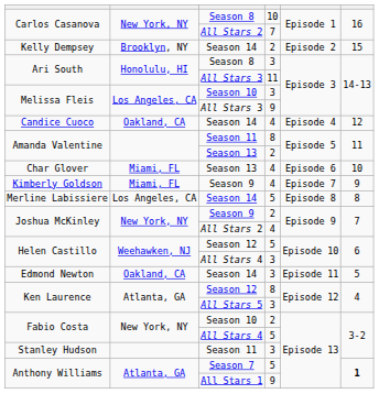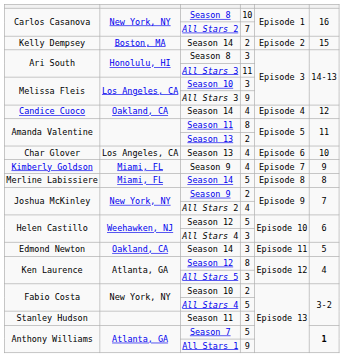 <table class="wikitable sortable" style="text-align:center;">
 <tr>
 <th></th>
 <th></th>
 <th></th>
 <th></th>
 <th></th>
 <th></th>
 </tr>
 <tr>
 <td rowspan="2">Carlos Casanova</td>
 <td rowspan="2"><a href='#'>New York, NY</a></td>
 <td><a href='#'>Season 8</a></td>
 <td>10</td>
 <td rowspan="2">Episode 1</td>
 <td rowspan="2">16</td>
 </tr>
 <tr>
 <td><a href='#'><em>All Stars</em> 2</a></td>
 <td>7</td>
 </tr>
 <tr>
 <td>Kelly Dempsey</td>
-<td><a href='#'>Brooklyn</a>, NY</td>
+<td><a href='#'>Boston, MA</a></td>
 <td>Season 14</td>
 <td>2</td>
 <td>Episode 2</td>
 <td>15</td>
 </tr>
 <tr>
 <td rowspan="2">Ari South</td>
 <td rowspan="2"><a href='#'>Honolulu, HI</a></td>
 <td>Season 8</td>
 <td>3</td>
 <td rowspan="4">Episode 3</td>
 <td rowspan="4">14-13</td>
 </tr>
 <tr>
 <td><a href='#'><em>All Stars</em> 3</a></td>
 <td>11</td>
 </tr>
 <tr>
 <td rowspan="2">Melissa Fleis</td>
 <td rowspan="2"><a href='#'>Los Angeles, CA</a></td>
 <td><a href='#'>Season 10</a></td>
 <td>3</td>
 </tr>
 <tr>
 <td><em>All Stars</em> 3</td>
 <td>9</td>
 </tr>
 <tr>
 <td><a href='#'>Candice Cuoco</a></td>
 <td><a href='#'>Oakland, CA</a></td>
 <td>Season 14</td>
 <td>4</td>
 <td>Episode 4</td>
 <td>12</td>
 </tr>
 <tr>
 <td rowspan="2">Amanda Valentine</td>
 <td rowspan="2"></td>
 <td><a href='#'>Season 11</a></td>
 <td>8</td>
 <td rowspan="2">Episode 5</td>
 <td rowspan="2">11</td>
 </tr>
 <tr>
 <td><a href='#'>Season 13</a></td>
 <td>2</td>
 </tr>
 <tr>
 <td>Char Glover</td>
-<td><a href='#'>Miami, FL</a></td>
+<td>Los Angeles, CA</td>
 <td>Season 13</td>
 <td>4</td>
 <td>Episode 6</td>
 <td>10</td>
 </tr>
 <tr>
 <td><a href='#'>Kimberly Goldson</a></td>
 <td><a href='#'>Miami, FL</a></td>
 <td>Season 9</td>
 <td>4</td>
 <td>Episode 7</td>
 <td>9</td>
 </tr>
 <tr>
 <td>Merline Labissiere</td>
-<td>Los Angeles, CA</td>
+<td><a href='#'>Miami, FL</a></td>
 <td><a href='#'>Season 14</a></td>
 <td>5</td>
 <td>Episode 8</td>
 <td>8</td>
 </tr>
 <tr>
 <td rowspan="2">Joshua McKinley</td>
 <td rowspan="2"><a href='#'>New York, NY</a></td>
 <td><a href='#'>Season 9</a></td>
 <td>2</td>
 <td rowspan="2">Episode 9</td>
 <td rowspan="2">7</td>
 </tr>
 <tr>
 <td><em>All Stars</em> 2</td>
 <td>4</td>
 </tr>
 <tr>
 <td rowspan="2">Helen Castillo</td>
 <td rowspan="2"><a href='#'>Weehawken, NJ</a></td>
 <td>Season 12</td>
 <td>5</td>
 <td rowspan="2">Episode 10</td>
 <td rowspan="2">6</td>
 </tr>
 <tr>
 <td><em>All Stars</em> 4</td>
 <td>3</td>
 </tr>
 <tr>
 <td>Edmond Newton</td>
 <td><a href='#'>Oakland, CA</a></td>
 <td>Season 14</td>
 <td>3</td>
 <td>Episode 11</td>
 <td>5</td>
 </tr>
 <tr>
 <td rowspan="2">Ken Laurence</td>
 <td rowspan="2">Atlanta, GA</td>
 <td><a href='#'>Season 12</a></td>
 <td>8</td>
 <td rowspan="2">Episode 12</td>
 <td rowspan="2">4</td>
 </tr>
 <tr>
 <td><a href='#'><em>All Stars</em> 5</a></td>
 <td>3</td>
 </tr>
 <tr>
 <td rowspan="2">Fabio Costa</td>
 <td rowspan="2">New York, NY</td>
 <td>Season 10</td>
 <td>2</td>
 <td rowspan="6">Episode 13</td>
 <td rowspan="3">3-2</td>
 </tr>
 <tr>
 <td><a href='#'><em>All Stars</em> 4</a></td>
 <td>5</td>
 </tr>
 <tr>
 <td>Stanley Hudson</td>
 <td></td>
 <td>Season 11</td>
 <td>3</td>
 </tr>
 <tr>
 <td rowspan="2">Anthony Williams</td>
 <td rowspan="2"><a href='#'>Atlanta, GA</a></td>
 <td><a href='#'>Season 7</a></td>
 <td>5</td>
 <td rowspan="2"><strong>1</strong></td>
 </tr>
 <tr>
 <td><a href='#'>All Stars 1</a></td>
 <td>9</td>
 </tr>
 </table>
